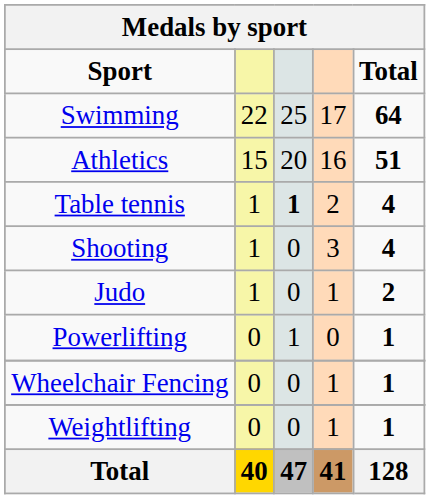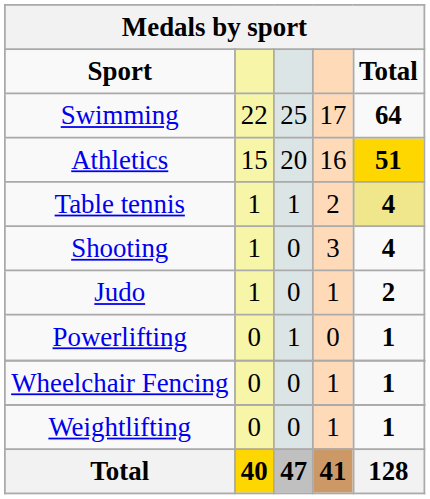 <table class="wikitable" style="font-size:95%">
 <tr style="background:#efefef;">
 <th colspan=5>Medals by sport</th>
 </tr>
 <tr style="text-align:center;">
 <td><strong>Sport</strong></td>
 <td bgcolor=#f7f6a8></td>
 <td bgcolor=#dce5e5></td>
 <td bgcolor=#ffdab9></td>
 <td><strong>Total</strong></td>
 </tr>
 <tr style="text-align:center;">
 <td><a href='#'>Swimming</a></td>
 <td style="background:#F7F6A8;">22</td>
 <td style="background:#DCE5E5;">25</td>
 <td style="background:#FFDAB9;">17</td>
 <td><strong>64</strong></td>
 </tr>
 <tr style="text-align:center;">
 <td><a href='#'>Athletics</a></td>
 <td style="background:#F7F6A8;">15</td>
 <td style="background:#DCE5E5;">20</td>
 <td style="background:#FFDAB9;">16</td>
-<td><strong>51</strong></td>
+<td style="background: gold;"><strong>51</strong></td>
 </tr>
 <tr style="text-align:center;">
 <td><a href='#'>Table tennis</a></td>
 <td style="background:#F7F6A8;">1</td>
-<td style="background:#DCE5E5;"><strong>1</strong></td>
+<td style="background:#DCE5E5;">1</td>
 <td style="background:#FFDAB9;">2</td>
-<td><strong>4</strong></td>
+<td style="background: khaki;"><strong>4</strong></td>
 </tr>
 <tr style="text-align:center;">
 <td><a href='#'>Shooting</a></td>
 <td style="background:#F7F6A8;">1</td>
 <td style="background:#DCE5E5;">0</td>
 <td style="background:#FFDAB9;">3</td>
 <td><strong>4</strong></td>
 </tr>
 <tr style="text-align:center;">
 <td><a href='#'>Judo</a></td>
 <td style="background:#F7F6A8;">1</td>
 <td style="background:#DCE5E5;">0</td>
 <td style="background:#FFDAB9;">1</td>
 <td><strong>2</strong></td>
 </tr>
 <tr style="text-align:center;">
 <td><a href='#'>Powerlifting</a></td>
 <td style="background:#F7F6A8;">0</td>
 <td style="background:#DCE5E5;">1</td>
 <td style="background:#FFDAB9;">0</td>
 <td><strong>1</strong></td>
 </tr>
 <tr>
 </tr>
 <tr style="text-align:center;">
 <td><a href='#'>Wheelchair Fencing</a></td>
 <td style="background:#F7F6A8;">0</td>
 <td style="background:#DCE5E5;">0</td>
 <td style="background:#FFDAB9;">1</td>
 <td><strong>1</strong></td>
 </tr>
 <tr>
 </tr>
 <tr style="text-align:center;">
 <td><a href='#'>Weightlifting</a></td>
 <td style="background:#F7F6A8;">0</td>
 <td style="background:#DCE5E5;">0</td>
 <td style="background:#FFDAB9;">1</td>
 <td><strong>1</strong></td>
 </tr>
 <tr>
 <th>Total</th>
 <th style="background:gold;">40</th>
 <th style="background:silver;">47</th>
 <th style="background:#c96;">41</th>
 <th>128</th>
 </tr>
 </table>
